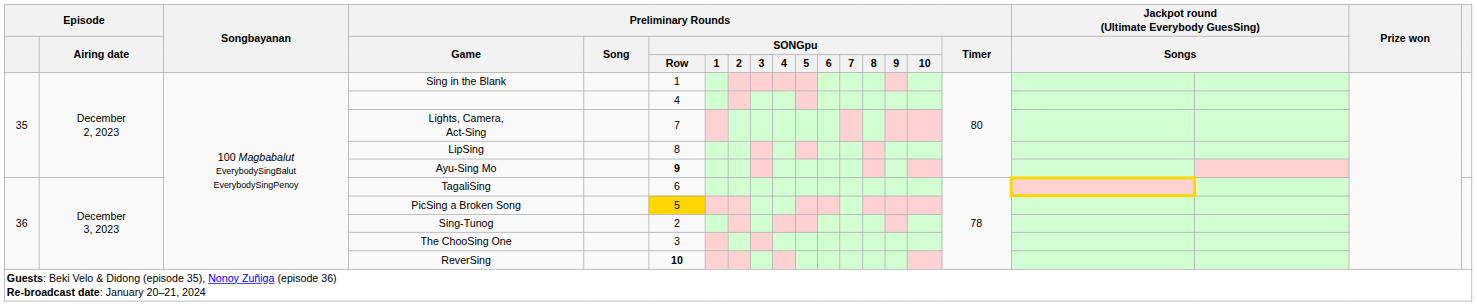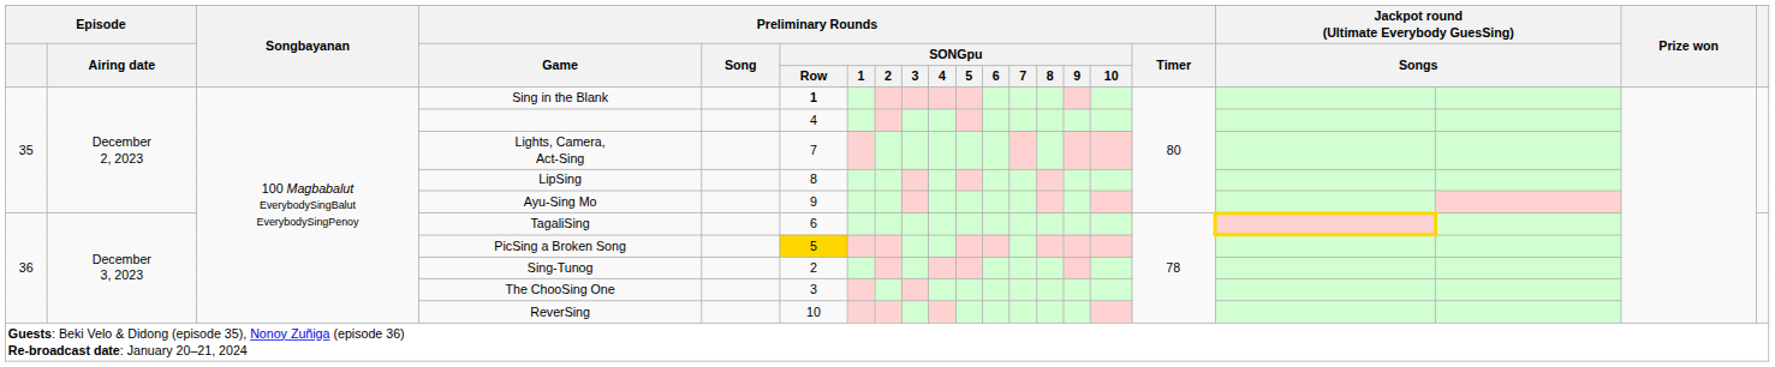 <table class="wikitable" style="text-align:center; font-size:90%; line-height:18px;" width="100%">
 <tr>
 <th colspan="2">Episode</th>
 <th rowspan="3">Songbayanan</th>
 <th colspan="14">Preliminary Rounds</th>
 <th colspan="2">Jackpot round<br><strong>(Ultimate Everybody GuesSing)</strong></th>
 <th rowspan="3">Prize won</th>
 <th rowspan="3"></th>
 </tr>
 <tr>
 <th rowspan="2"></th>
 <th rowspan="2">Airing date</th>
 <th rowspan="2">Game</th>
 <th rowspan="2">Song</th>
 <th colspan="11">SONGpu</th>
 <th rowspan="2">Timer</th>
 <th colspan="2" rowspan="2">Songs</th>
 </tr>
 <tr>
 <th>Row</th>
 <th>1</th>
 <th>2</th>
 <th>3</th>
 <th>4</th>
 <th>5</th>
 <th>6</th>
 <th>7</th>
 <th>8</th>
 <th>9</th>
 <th>10</th>
 </tr>
 <tr>
 <td rowspan="5">35</td>
 <td rowspan="5">December<br>2, 2023</td>
 <td rowspan="10">100 <em>Magbabalut</em><br><small>EverybodySingBalut<br>EverybodySingPenoy</small></td>
 <td>Sing in the Blank</td>
 <td></td>
-<td>1</td>
+<td><strong>1</strong></td>
 <td style="background:#D2FFD2"></td>
 <td style="background:#FFD2D2"></td>
 <td style="background:#FFD2D2"></td>
 <td style="background:#FFD2D2"></td>
 <td style="background:#FFD2D2"></td>
 <td style="background:#D2FFD2"></td>
 <td style="background:#D2FFD2"></td>
 <td style="background:#D2FFD2"></td>
 <td style="background:#FFD2D2"></td>
 <td style="background:#D2FFD2"></td>
 <td rowspan="5">80<br></td>
 <td style="background:#D2FFD2"></td>
 <td style="background:#D2FFD2"></td>
 <td rowspan="10"></td>
 <td rowspan="5"><br></td>
 </tr>
 <tr>
 <td></td>
 <td></td>
 <td>4</td>
 <td style="background:#D2FFD2"></td>
 <td style="background:#FFD2D2"></td>
 <td style="background:#D2FFD2"></td>
 <td style="background:#D2FFD2"></td>
 <td style="background:#FFD2D2"></td>
 <td style="background:#D2FFD2"></td>
 <td style="background:#D2FFD2"></td>
 <td style="background:#D2FFD2"></td>
 <td style="background:#D2FFD2"></td>
 <td style="background:#D2FFD2"></td>
 <td style="background:#D2FFD2"></td>
 <td style="background:#D2FFD2"></td>
 </tr>
 <tr>
 <td>Lights, Camera,<br>Act-Sing</td>
 <td></td>
 <td>7</td>
 <td style="background:#FFD2D2"></td>
 <td style="background:#D2FFD2"></td>
 <td style="background:#D2FFD2"></td>
 <td style="background:#D2FFD2"></td>
 <td style="background:#D2FFD2"></td>
 <td style="background:#D2FFD2"></td>
 <td style="background:#FFD2D2"></td>
 <td style="background:#D2FFD2"></td>
 <td style="background:#FFD2D2"></td>
 <td style="background:#FFD2D2"></td>
 <td style="background:#D2FFD2"></td>
 <td style="background:#D2FFD2"></td>
 </tr>
 <tr>
 <td>LipSing</td>
 <td></td>
 <td>8</td>
 <td style="background:#D2FFD2"></td>
 <td style="background:#D2FFD2"></td>
 <td style="background:#FFD2D2"></td>
 <td style="background:#D2FFD2"></td>
 <td style="background:#FFD2D2"></td>
 <td style="background:#D2FFD2"></td>
 <td style="background:#D2FFD2"></td>
 <td style="background:#FFD2D2"></td>
 <td style="background:#D2FFD2"></td>
 <td style="background:#D2FFD2"></td>
 <td style="background:#D2FFD2"></td>
 <td style="background:#D2FFD2"></td>
 </tr>
 <tr>
 <td>Ayu-Sing Mo</td>
 <td></td>
-<td><strong>9</strong></td>
+<td>9</td>
 <td style="background:#D2FFD2"></td>
 <td style="background:#D2FFD2"></td>
 <td style="background:#FFD2D2"></td>
 <td style="background:#D2FFD2"></td>
 <td style="background:#D2FFD2"></td>
 <td style="background:#D2FFD2"></td>
 <td style="background:#D2FFD2"></td>
 <td style="background:#FFD2D2"></td>
 <td style="background:#D2FFD2"></td>
 <td style="background:#FFD2D2"></td>
 <td style="background:#D2FFD2"></td>
 <td style="background:#FFD2D2"></td>
 </tr>
 <tr>
 <td rowspan="5">36</td>
 <td rowspan="5">December<br>3, 2023</td>
 <td>TagaliSing</td>
 <td></td>
 <td>6</td>
 <td style="background:#D2FFD2"></td>
 <td style="background:#D2FFD2"></td>
 <td style="background:#D2FFD2"></td>
 <td style="background:#D2FFD2"></td>
 <td style="background:#D2FFD2"></td>
 <td style="background:#D2FFD2"></td>
 <td style="background:#D2FFD2"></td>
 <td style="background:#D2FFD2"></td>
 <td style="background:#D2FFD2"></td>
 <td style="background:#D2FFD2"></td>
 <td rowspan="5">78<br></td>
 <td style="background:#FFD2D2; border:solid 4px #FFD700;"></td>
 <td style="background:#D2FFD2"></td>
 <td rowspan="5"><br></td>
 </tr>
 <tr>
 <td>PicSing a Broken Song</td>
 <td></td>
 <td style="background: gold;">5</td>
 <td style="background:#FFD2D2"></td>
 <td style="background:#FFD2D2"></td>
 <td style="background:#D2FFD2"></td>
 <td style="background:#D2FFD2"></td>
 <td style="background:#FFD2D2"></td>
 <td style="background:#FFD2D2"></td>
 <td style="background:#D2FFD2"></td>
 <td style="background:#FFD2D2"></td>
 <td style="background:#FFD2D2"></td>
 <td style="background:#FFD2D2"></td>
 <td style="background:#D2FFD2"></td>
 <td style="background:#D2FFD2"></td>
 </tr>
 <tr>
 <td>Sing-Tunog</td>
 <td></td>
 <td>2</td>
 <td style="background:#D2FFD2"></td>
 <td style="background:#FFD2D2"></td>
 <td style="background:#D2FFD2"></td>
 <td style="background:#FFD2D2"></td>
 <td style="background:#FFD2D2"></td>
 <td style="background:#D2FFD2"></td>
 <td style="background:#D2FFD2"></td>
 <td style="background:#D2FFD2"></td>
 <td style="background:#FFD2D2"></td>
 <td style="background:#D2FFD2"></td>
 <td style="background:#D2FFD2"></td>
 <td style="background:#D2FFD2"></td>
 </tr>
 <tr>
 <td>The ChooSing One</td>
 <td></td>
 <td>3</td>
 <td style="background:#FFD2D2"></td>
 <td style="background:#D2FFD2"></td>
 <td style="background:#FFD2D2"></td>
 <td style="background:#D2FFD2"></td>
 <td style="background:#D2FFD2"></td>
 <td style="background:#D2FFD2"></td>
 <td style="background:#D2FFD2"></td>
 <td style="background:#D2FFD2"></td>
 <td style="background:#D2FFD2"></td>
 <td style="background:#D2FFD2"></td>
 <td style="background:#D2FFD2"></td>
 <td style="background:#D2FFD2"></td>
 </tr>
 <tr>
 <td>ReverSing</td>
 <td></td>
-<td><strong>10</strong></td>
+<td>10</td>
 <td style="background:#FFD2D2"></td>
 <td style="background:#FFD2D2"></td>
 <td style="background:#D2FFD2"></td>
 <td style="background:#FFD2D2"></td>
 <td style="background:#D2FFD2"></td>
 <td style="background:#D2FFD2"></td>
 <td style="background:#D2FFD2"></td>
 <td style="background:#D2FFD2"></td>
 <td style="background:#D2FFD2"></td>
 <td style="background:#FFD2D2"></td>
 <td style="background:#D2FFD2"></td>
 <td style="background:#D2FFD2"></td>
 </tr>
 <tr>
 <td colspan="21" style="background:white;" align="left"><strong>Guests</strong>: Beki Velo & Didong (episode 35), <a href='#'>Nonoy Zuñiga</a> (episode 36)<br><strong>Re-broadcast date</strong>: January 20–21, 2024</td>
 </tr>
 </table>
